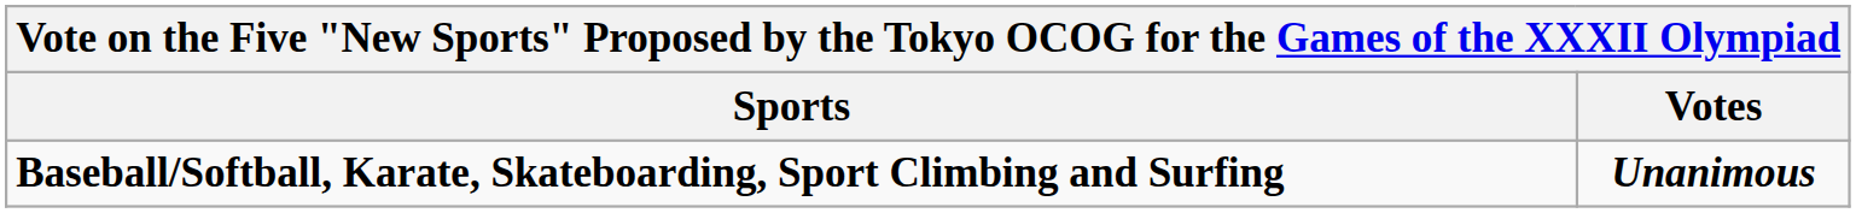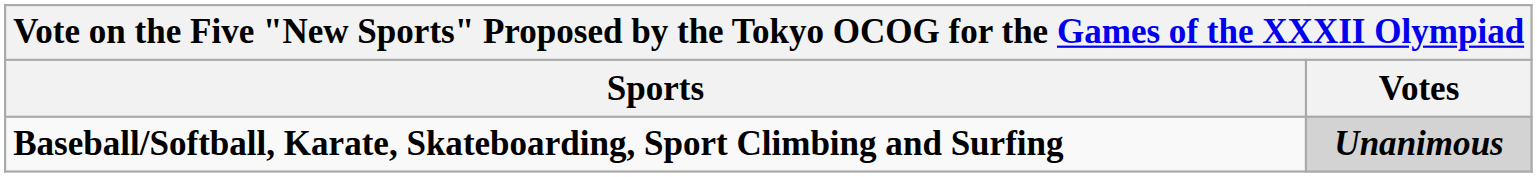 <table class="wikitable">
 <tr>
 <th colspan="7">Vote on the Five "New Sports" Proposed by the Tokyo OCOG for the <a href='#'>Games of the XXXII Olympiad</a></th>
 </tr>
 <tr>
 <th>Sports</th>
 <th>Votes</th>
 </tr>
 <tr>
 <td><strong>Baseball/Softball, Karate, Skateboarding, Sport Climbing and Surfing</strong></td>
-<td align=center><strong><em>Unanimous</em></strong></td>
+<td align=center style="background: lightgrey;"><strong><em>Unanimous</em></strong></td>
 </tr>
 </table>
